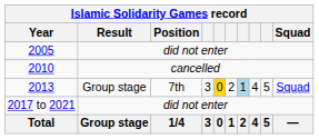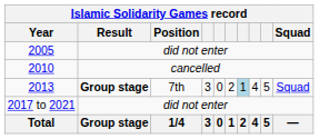 <table class="wikitable" style="text-align: center;%;">
 <tr>
 <th colspan=10><a href='#'>Islamic Solidarity Games</a> record</th>
 </tr>
 <tr>
 <th>Year</th>
 <th>Result</th>
 <th>Position</th>
 <th></th>
 <th></th>
 <th></th>
 <th></th>
 <th></th>
 <th></th>
 <th>Squad</th>
 </tr>
 <tr>
 <td> <a href='#'>2005</a></td>
 <td colspan="9"><em>did not enter</em></td>
 </tr>
 <tr>
 <td> <a href='#'>2010</a></td>
 <td colspan="9"><em>cancelled</em></td>
 </tr>
 <tr>
 <td> <a href='#'>2013</a></td>
-<td>Group stage</td>
+<td><strong>Group stage</strong></td>
 <td>7th</td>
 <td>3</td>
-<td style="background: gold;">0</td>
+<td>0</td>
 <td>2</td>
 <td style="background: lightblue;">1</td>
 <td>4</td>
 <td>5</td>
 <td><a href='#'>Squad</a></td>
 </tr>
 <tr>
 <td> <a href='#'>2017</a> to  <a href='#'>2021</a></td>
 <td colspan="9"><em>did not enter</em></td>
 </tr>
 <tr>
 <th>Total</th>
 <th>Group stage</th>
 <th>1/4</th>
 <th>3</th>
 <th>0</th>
 <th>1</th>
 <th>2</th>
 <th>4</th>
 <th>5</th>
 <th>—</th>
 </tr>
 </table>
